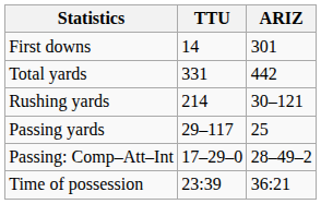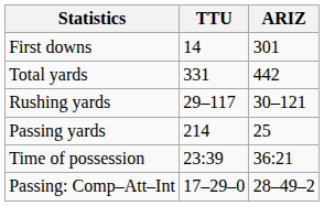 <table class="wikitable" style="float: left;">
 <tr>
 <th>Statistics</th>
 <th>TTU</th>
 <th>ARIZ</th>
 </tr>
 <tr>
 <td>First downs</td>
 <td>14</td>
 <td>301</td>
 </tr>
 <tr>
 <td>Total yards</td>
 <td>331</td>
 <td>442</td>
 </tr>
 <tr>
 <td>Rushing yards</td>
-<td>214</td>
+<td>29–117</td>
 <td>30–121</td>
 </tr>
 <tr>
 <td>Passing yards</td>
-<td>29–117</td>
+<td>214</td>
 <td>25</td>
+</tr>
+<tr>
+<td>Time of possession</td>
+<td>23:39</td>
+<td>36:21</td>
 </tr>
 <tr>
 <td>Passing: Comp–Att–Int</td>
 <td>17–29–0</td>
 <td>28–49–2</td>
 </tr>
 <tr>
-<td>Time of possession</td>
-<td>23:39</td>
-<td>36:21</td>
-</tr>
-<tr>
 </tr>
 </table>
